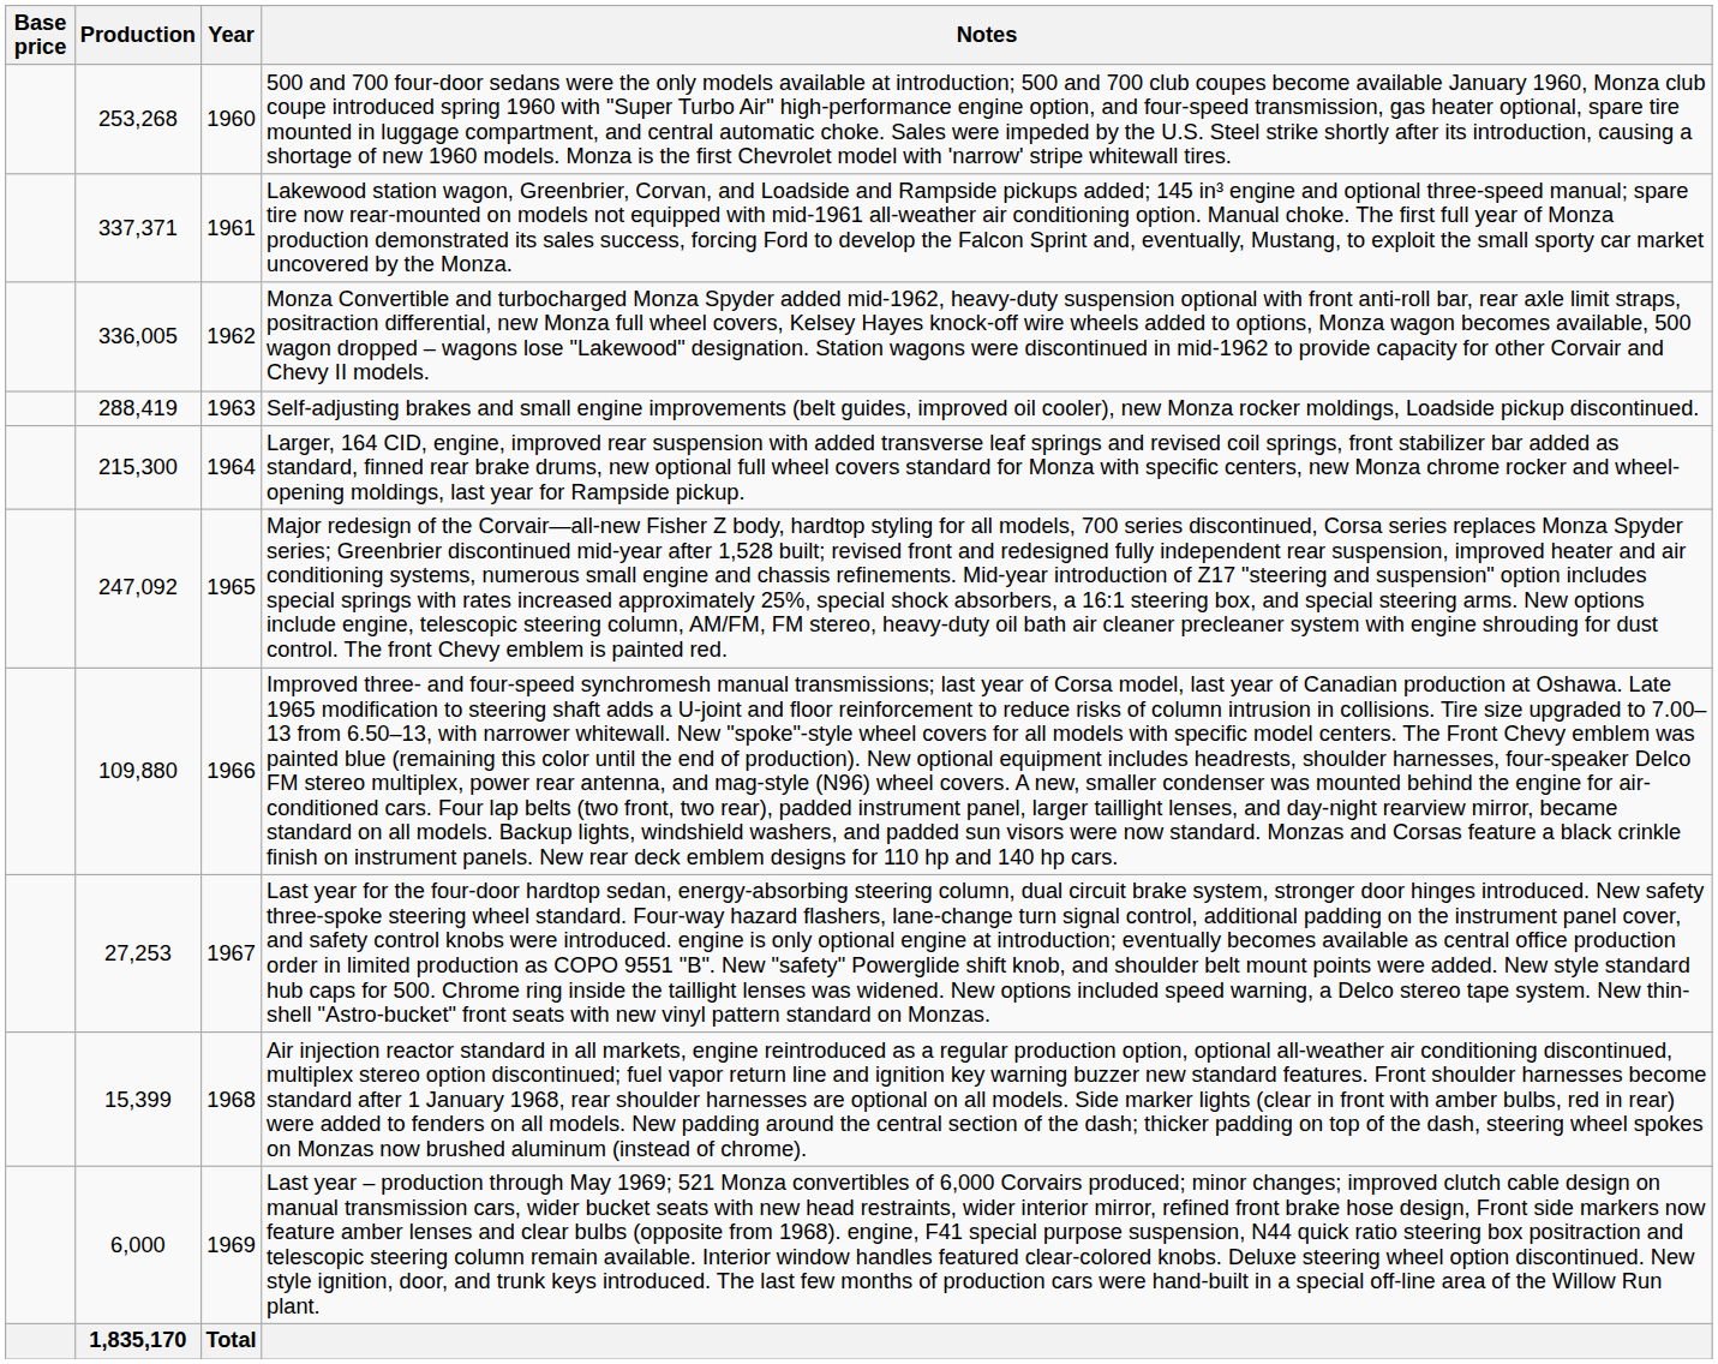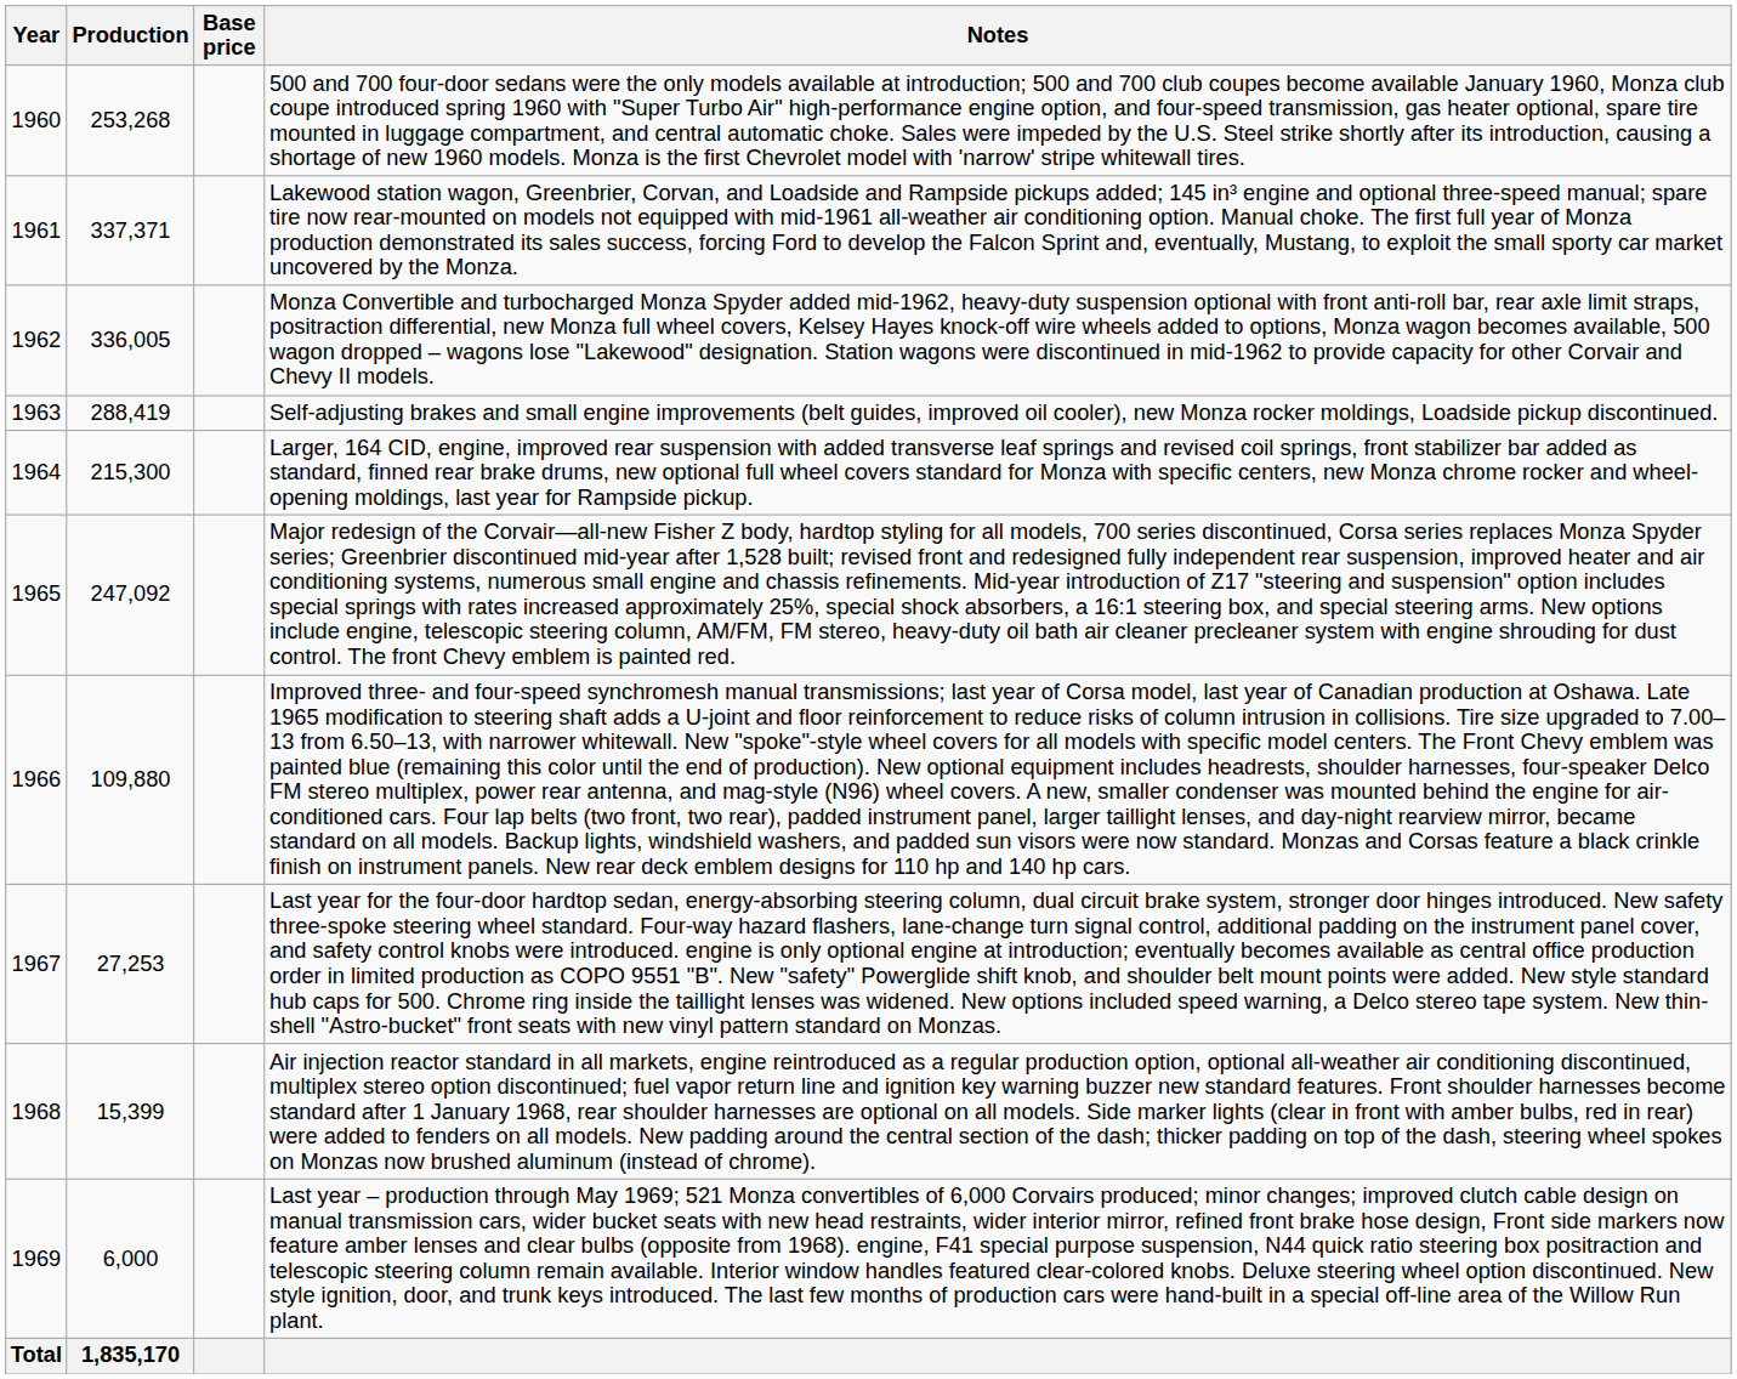 <table class=wikitable>
 <tr>
+<th>Year</th>
+<th>Production</th>
 <th>Base price</th>
-<th>Production</th>
-<th>Year</th>
 <th>Notes</th>
 </tr>
 <tr align=center>
+<td>1960</td>
+<td>253,268</td>
 <td></td>
-<td>253,268</td>
-<td>1960</td>
 <td align=left>500 and 700 four-door sedans were the only models available at introduction; 500 and 700 club coupes become available January 1960, Monza club coupe introduced spring 1960 with  "Super Turbo Air" high-performance engine option, and four-speed transmission, gas heater optional, spare tire mounted in luggage compartment, and central automatic choke. Sales were impeded by the U.S. Steel strike shortly after its introduction, causing a shortage of new 1960 models. Monza is the first Chevrolet model with 'narrow'  stripe whitewall tires.</td>
 </tr>
 <tr align=center>
+<td>1961</td>
+<td>337,371</td>
 <td></td>
-<td>337,371</td>
-<td>1961</td>
 <td align=left>Lakewood station wagon, Greenbrier, Corvan, and Loadside and Rampside pickups added; 145 in³ engine and optional three-speed manual; spare tire now rear-mounted on models not equipped with mid-1961 all-weather air conditioning option. Manual choke. The first full year of Monza production demonstrated its sales success, forcing Ford to develop the Falcon Sprint and, eventually, Mustang, to exploit the small sporty car market uncovered by the Monza.</td>
 </tr>
 <tr align=center>
+<td>1962</td>
+<td>336,005</td>
 <td></td>
-<td>336,005</td>
-<td>1962</td>
 <td align=left>Monza Convertible and turbocharged Monza Spyder added mid-1962, heavy-duty suspension optional with front anti-roll bar, rear axle limit straps, positraction differential, new Monza full wheel covers, Kelsey Hayes knock-off wire wheels added to options, Monza wagon becomes available, 500 wagon dropped – wagons lose "Lakewood" designation. Station wagons were discontinued in mid-1962 to provide capacity for other Corvair and Chevy II models.</td>
 </tr>
 <tr align=center>
+<td>1963</td>
+<td>288,419</td>
 <td></td>
-<td>288,419</td>
-<td>1963</td>
 <td align=left>Self-adjusting brakes and small engine improvements (belt guides, improved oil cooler), new Monza rocker moldings, Loadside pickup discontinued.</td>
 </tr>
 <tr align=center>
+<td>1964</td>
+<td>215,300</td>
 <td></td>
-<td>215,300</td>
-<td>1964</td>
 <td align=left>Larger, 164 CID, engine, improved rear suspension with added transverse leaf springs and revised coil springs, front stabilizer bar added as standard, finned rear brake drums, new optional full wheel covers standard for Monza with specific centers, new Monza chrome rocker and wheel-opening moldings, last year for Rampside pickup.</td>
 </tr>
 <tr align=center>
+<td>1965</td>
+<td>247,092</td>
 <td></td>
-<td>247,092</td>
-<td>1965</td>
 <td align=left>Major redesign of the Corvair—all-new Fisher Z body, hardtop styling for all models, 700 series discontinued, Corsa series replaces Monza Spyder series; Greenbrier discontinued mid-year after 1,528 built; revised front and redesigned fully independent rear suspension, improved heater and air conditioning systems, numerous small engine and chassis refinements. Mid-year introduction of Z17 "steering and suspension" option includes special springs with rates increased approximately 25%, special shock absorbers, a 16:1 steering box, and special steering arms. New options include  engine, telescopic steering column, AM/FM, FM stereo, heavy-duty oil bath air cleaner precleaner system with engine shrouding for dust control. The front Chevy emblem is painted red.</td>
 </tr>
 <tr align=center>
+<td>1966</td>
+<td>109,880</td>
 <td></td>
-<td>109,880</td>
-<td>1966</td>
 <td align=left>Improved three- and four-speed synchromesh manual transmissions; last year of Corsa model, last year of Canadian production at Oshawa. Late 1965 modification to steering shaft adds a U-joint and floor reinforcement to reduce risks of column intrusion in collisions. Tire size upgraded to 7.00–13 from 6.50–13, with narrower  whitewall. New "spoke"-style wheel covers for all models with specific model centers. The Front Chevy emblem was painted blue (remaining this color until the end of production). New optional equipment includes headrests, shoulder harnesses, four-speaker Delco FM stereo multiplex, power rear antenna, and mag-style (N96) wheel covers. A new, smaller condenser was mounted behind the engine for air-conditioned cars. Four lap belts (two front, two rear), padded instrument panel, larger taillight lenses, and day-night rearview mirror, became standard on all models. Backup lights, windshield washers, and padded sun visors were now standard. Monzas and Corsas feature a black crinkle finish on instrument panels. New rear deck emblem designs for 110 hp and 140 hp cars.</td>
 </tr>
 <tr align=center>
+<td>1967</td>
+<td>27,253</td>
 <td></td>
-<td>27,253</td>
-<td>1967</td>
 <td align=left>Last year for the four-door hardtop sedan, energy-absorbing steering column, dual circuit brake system, stronger door hinges introduced. New safety three-spoke steering wheel standard. Four-way hazard flashers, lane-change turn signal control, additional padding on the instrument panel cover, and safety control knobs were introduced.  engine is only optional engine at introduction; eventually  becomes available as central office production order in limited production as COPO 9551 "B". New "safety" Powerglide shift knob, and shoulder belt mount points were added. New style standard hub caps for 500. Chrome ring inside the taillight lenses was widened. New options included speed warning, a Delco stereo tape system. New thin-shell "Astro-bucket" front seats with new vinyl pattern standard on Monzas.</td>
 </tr>
 <tr align=center>
+<td>1968</td>
+<td>15,399</td>
 <td></td>
-<td>15,399</td>
-<td>1968</td>
 <td align=left>Air injection reactor standard in all markets,  engine reintroduced as a regular production option, optional all-weather air conditioning discontinued, multiplex stereo option discontinued; fuel vapor return line and ignition key warning buzzer new standard features. Front shoulder harnesses become standard after 1 January 1968, rear shoulder harnesses are optional on all models. Side marker lights (clear in front with amber bulbs, red in rear) were added to fenders on all models. New padding around the central section of the dash; thicker padding on top of the dash, steering wheel spokes on Monzas now brushed aluminum (instead of chrome).</td>
 </tr>
 <tr align=center>
+<td>1969</td>
+<td>6,000</td>
 <td></td>
-<td>6,000</td>
-<td>1969</td>
 <td align=left>Last year – production through May 1969; 521 Monza convertibles of 6,000 Corvairs produced; minor changes; improved clutch cable design on manual transmission cars, wider bucket seats with new head restraints, wider interior mirror, refined front brake hose design, Front side markers now feature amber lenses and clear bulbs (opposite from 1968).  engine, F41 special purpose suspension, N44 quick ratio steering box positraction and telescopic steering column remain available. Interior window handles featured clear-colored knobs. Deluxe steering wheel option discontinued. New style ignition, door, and trunk keys introduced. The last few months of production cars were hand-built in a special off-line area of the Willow Run plant.</td>
 </tr>
 <tr>
+<th>Total</th>
+<th>1,835,170</th>
 <th></th>
-<th>1,835,170</th>
-<th>Total</th>
 <th></th>
 </tr>
 </table>
